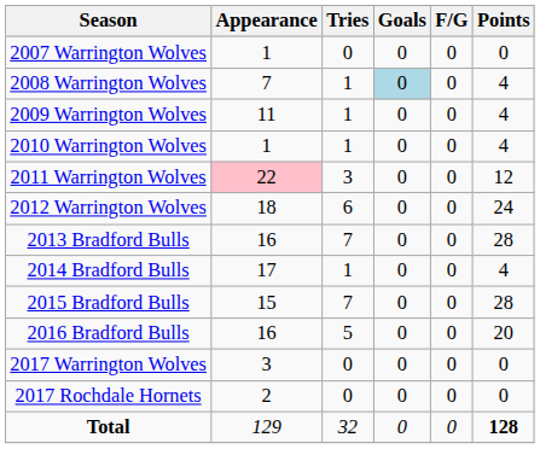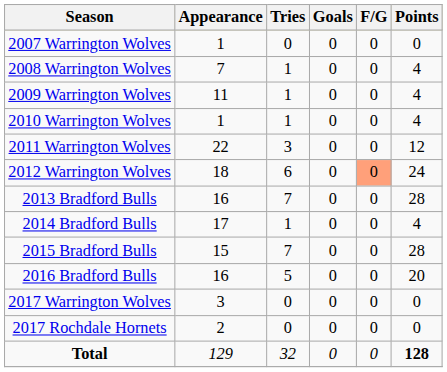 <table class="wikitable" style="text-align:center;">
 <tr bgcolor=#bdb76b>
 <th>Season</th>
 <th>Appearance</th>
 <th>Tries</th>
 <th>Goals</th>
 <th>F/G</th>
 <th>Points</th>
 </tr>
 <tr>
 <td><a href='#'>2007 Warrington Wolves</a></td>
 <td>1</td>
 <td>0</td>
 <td>0</td>
 <td>0</td>
 <td>0</td>
 </tr>
 <tr>
 <td><a href='#'>2008 Warrington Wolves</a></td>
 <td>7</td>
 <td>1</td>
-<td style="background: lightblue;">0</td>
+<td>0</td>
 <td>0</td>
 <td>4</td>
 </tr>
 <tr>
 <td><a href='#'>2009 Warrington Wolves</a></td>
 <td>11</td>
 <td>1</td>
 <td>0</td>
 <td>0</td>
 <td>4</td>
 </tr>
 <tr>
 <td><a href='#'>2010 Warrington Wolves</a></td>
 <td>1</td>
 <td>1</td>
 <td>0</td>
 <td>0</td>
 <td>4</td>
 </tr>
 <tr>
 <td><a href='#'>2011 Warrington Wolves</a></td>
-<td style="background: pink;">22</td>
+<td>22</td>
 <td>3</td>
 <td>0</td>
 <td>0</td>
 <td>12</td>
 </tr>
 <tr>
 <td><a href='#'>2012 Warrington Wolves</a></td>
 <td>18</td>
 <td>6</td>
 <td>0</td>
-<td>0</td>
+<td style="background: lightsalmon;">0</td>
 <td>24</td>
 </tr>
 <tr>
 <td><a href='#'>2013 Bradford Bulls</a></td>
 <td>16</td>
 <td>7</td>
 <td>0</td>
 <td>0</td>
 <td>28</td>
 </tr>
 <tr>
 <td><a href='#'>2014 Bradford Bulls</a></td>
 <td>17</td>
 <td>1</td>
 <td>0</td>
 <td>0</td>
 <td>4</td>
 </tr>
 <tr>
 <td><a href='#'>2015 Bradford Bulls</a></td>
 <td>15</td>
 <td>7</td>
 <td>0</td>
 <td>0</td>
 <td>28</td>
 </tr>
 <tr>
 <td><a href='#'>2016 Bradford Bulls</a></td>
 <td>16</td>
 <td>5</td>
 <td>0</td>
 <td>0</td>
 <td>20</td>
 </tr>
 <tr>
 <td><a href='#'>2017 Warrington Wolves</a></td>
 <td>3</td>
 <td>0</td>
 <td>0</td>
 <td>0</td>
 <td>0</td>
 </tr>
 <tr>
 <td><a href='#'>2017 Rochdale Hornets</a></td>
 <td>2</td>
 <td>0</td>
 <td>0</td>
 <td>0</td>
 <td>0</td>
 </tr>
 <tr>
 <td><strong>Total</strong></td>
 <td><em>129</em></td>
 <td><em>32</em></td>
 <td><em>0</em></td>
 <td><em>0</em></td>
 <td><strong>128</strong></td>
 </tr>
 <tr>
 </tr>
 </table>
